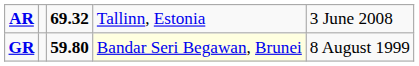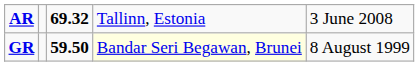 <table class="wikitable" style="font-size:95%; position:relative;">
 <tr>
 <td align=center><strong><a href='#'>AR</a></strong></td>
 <td></td>
 <td><strong>69.32</strong></td>
 <td><a href='#'>Tallinn</a>, <a href='#'>Estonia</a></td>
 <td>3 June 2008</td>
 </tr>
 <tr>
 <td align=center><strong><a href='#'>GR</a></strong></td>
 <td></td>
-<td><strong>59.80</strong></td>
+<td><strong>59.50</strong></td>
 <td style="background: lightyellow;"><a href='#'>Bandar Seri Begawan</a>, <a href='#'>Brunei</a></td>
 <td>8 August 1999</td>
 </tr>
 </table>
